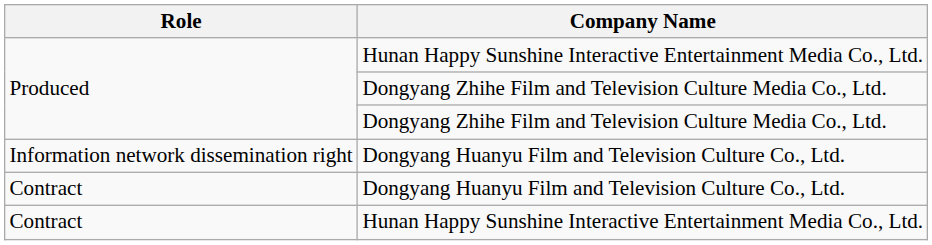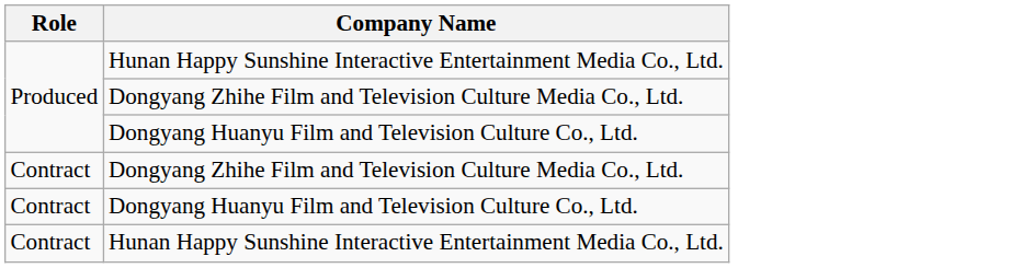 <table class="wikitable">
 <tr>
 <th>Role</th>
 <th>Company Name</th>
 </tr>
 <tr>
 <td rowspan="3">Produced</td>
 <td>Hunan Happy Sunshine Interactive Entertainment Media Co., Ltd.</td>
 </tr>
 <tr>
 <td>Dongyang Zhihe Film and Television Culture Media Co., Ltd.</td>
 </tr>
 <tr>
-<td>Dongyang Zhihe Film and Television Culture Media Co., Ltd.</td>
+<td>Dongyang Huanyu Film and Television Culture Co., Ltd.</td>
 </tr>
 <tr>
-<td>Information network dissemination right</td>
-<td>Dongyang Huanyu Film and Television Culture Co., Ltd.</td>
+<td>Contract</td>
+<td>Dongyang Zhihe Film and Television Culture Media Co., Ltd.</td>
 </tr>
 <tr>
 <td>Contract</td>
 <td>Dongyang Huanyu Film and Television Culture Co., Ltd.</td>
 </tr>
 <tr>
 <td>Contract</td>
 <td>Hunan Happy Sunshine Interactive Entertainment Media Co., Ltd.</td>
 </tr>
 </table>
